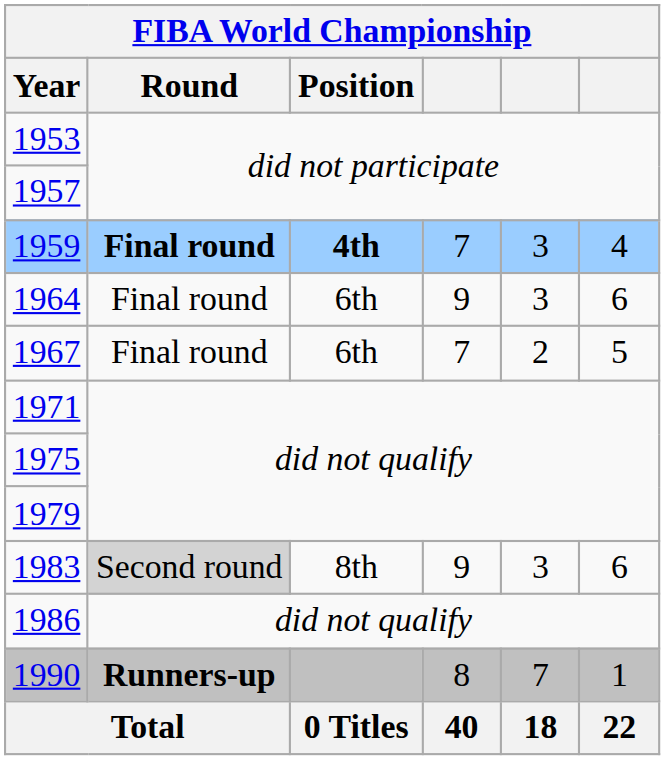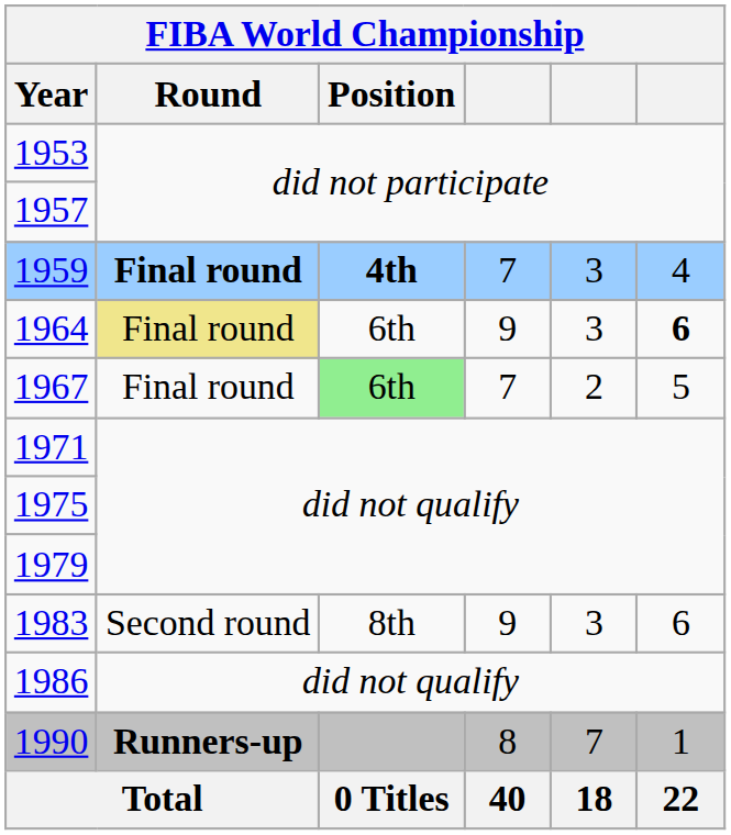 <table class="wikitable" style="text-align: center;">
 <tr>
 <th colspan=6><a href='#'>FIBA World Championship</a></th>
 </tr>
 <tr>
 <th>Year</th>
 <th>Round</th>
 <th>Position</th>
 <th width="30"></th>
 <th width="30"></th>
 <th width="30"></th>
 </tr>
 <tr>
 <td> <a href='#'>1953</a></td>
 <td colspan=5 rowspan=2><em>did not participate</em></td>
 </tr>
 <tr>
 <td> <a href='#'>1957</a></td>
 </tr>
 <tr style="background:#9acdff;">
 <td><strong></strong> <a href='#'>1959</a></td>
 <td><strong>Final round</strong></td>
 <td><strong>4th</strong></td>
 <td>7</td>
 <td>3</td>
 <td>4</td>
 </tr>
 <tr>
 <td> <a href='#'>1964</a></td>
-<td>Final round</td>
+<td style="background: khaki;">Final round</td>
 <td>6th</td>
 <td>9</td>
 <td>3</td>
-<td>6</td>
+<td><strong>6</strong></td>
 </tr>
 <tr>
 <td> <a href='#'>1967</a></td>
 <td>Final round</td>
-<td>6th</td>
+<td style="background: lightgreen;">6th</td>
 <td>7</td>
 <td>2</td>
 <td>5</td>
 </tr>
 <tr>
 <td> <a href='#'>1971</a></td>
 <td colspan=5 rowspan=3><em>did not qualify</em></td>
 </tr>
 <tr>
 <td> <a href='#'>1975</a></td>
 </tr>
 <tr>
 <td> <a href='#'>1979</a></td>
 </tr>
 <tr>
 <td> <a href='#'>1983</a></td>
-<td style="background: lightgrey;">Second round</td>
+<td>Second round</td>
 <td>8th</td>
 <td>9</td>
 <td>3</td>
 <td>6</td>
 </tr>
 <tr>
 <td> <a href='#'>1986</a></td>
 <td colspan=5><em>did not qualify</em></td>
 </tr>
 <tr style="background:silver;">
 <td> <a href='#'>1990</a></td>
 <td><strong>Runners-up</strong></td>
 <td></td>
 <td>8</td>
 <td>7</td>
 <td>1</td>
 </tr>
 <tr>
 <th colspan=2>Total</th>
 <th>0 Titles</th>
 <th>40</th>
 <th>18</th>
 <th>22</th>
 </tr>
 </table>
